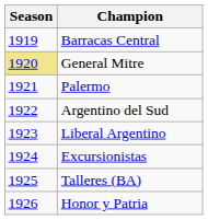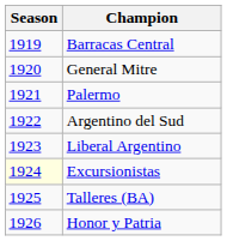 <table class="wikitable sortable">
 <tr>
 <th width=50px>Season</th>
 <th width=150px>Champion</th>
 </tr>
 <tr>
 <td><a href='#'>1919</a></td>
 <td><a href='#'>Barracas Central</a></td>
 </tr>
 <tr>
-<td style="background: khaki;"><a href='#'>1920</a></td>
+<td><a href='#'>1920</a></td>
 <td>General Mitre</td>
 </tr>
 <tr>
 <td><a href='#'>1921</a></td>
 <td><a href='#'>Palermo</a></td>
 </tr>
 <tr>
 <td><a href='#'>1922</a></td>
 <td>Argentino del Sud</td>
 </tr>
 <tr>
 <td><a href='#'>1923</a></td>
 <td><a href='#'>Liberal Argentino</a></td>
 </tr>
 <tr>
-<td><a href='#'>1924</a></td>
+<td style="background: lightyellow;"><a href='#'>1924</a></td>
 <td><a href='#'>Excursionistas</a></td>
 </tr>
 <tr>
 <td><a href='#'>1925</a></td>
 <td><a href='#'>Talleres (BA)</a></td>
 </tr>
 <tr>
 <td><a href='#'>1926</a></td>
 <td><a href='#'>Honor y Patria</a></td>
 </tr>
 </table>
